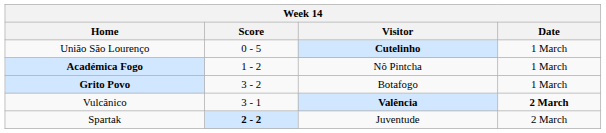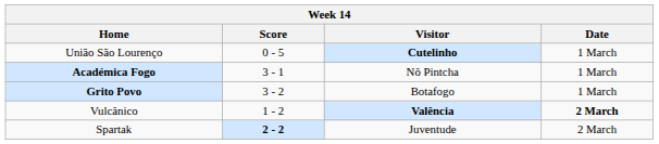 <table class="wikitable" style="margin:1em auto; font-size:95%; text-align: center; width: 95%;">
 <tr>
 <th colspan="12"  style="with:100%; text-align:center;">Week 14</th>
 </tr>
 <tr>
 <th style="width:200px;">Home</th>
 <th width="90">Score</th>
 <th style="width:200px;">Visitor</th>
 <th style="width:100px;">Date</th>
 </tr>
 <tr align=center>
 <td>União São Lourenço</td>
 <td>0 - 5</td>
 <td style="background:#d0e7ff;"><strong>Cutelinho</strong></td>
 <td>1 March</td>
 </tr>
 <tr align=center>
 <td style="background:#d0e7ff;"><strong>Académica Fogo</strong></td>
-<td>1 - 2</td>
+<td>3 - 1</td>
 <td>Nô Pintcha</td>
 <td>1 March</td>
 </tr>
 <tr align=center>
 <td style="background:#d0e7ff;"><strong>Grito Povo</strong></td>
 <td>3 - 2</td>
 <td>Botafogo</td>
 <td>1 March</td>
 </tr>
 <tr align=center>
 <td>Vulcânico</td>
-<td>3 - 1</td>
+<td>1 - 2</td>
 <td style="background:#d0e7ff;"><strong>Valência</strong></td>
 <td><strong>2 March</strong></td>
 </tr>
 <tr align=center>
 <td>Spartak</td>
 <td style="background:#d0e7ff;"><strong>2 - 2</strong></td>
 <td>Juventude</td>
 <td>2 March</td>
 </tr>
 </table>
